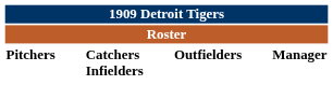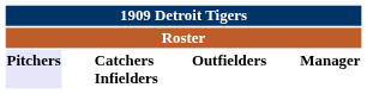 <table class="toccolours" style="font-size: 95%;">
 <tr>
 <th colspan="10" style="background:#036; color:white; text-align:center;">1909 Detroit Tigers</th>
 </tr>
 <tr>
 <td colspan="10" style="background:#bd5d29; color:white; text-align:center;"><strong>Roster</strong></td>
 </tr>
 <tr>
-<td valign="top"><strong>Pitchers</strong><br>          </td>
+<td valign="top" style="background: lavender;"><strong>Pitchers</strong><br>          </td>
 <td style="width:25px;"></td>
 <td valign="top"><strong>Catchers</strong><br>    <strong>Infielders</strong>          </td>
 <td style="width:25px;"></td>
 <td valign="top"><strong>Outfielders</strong><br>   </td>
 <td style="width:25px;"></td>
 <td valign="top"><strong>Manager</strong><br></td>
 </tr>
 </table>
